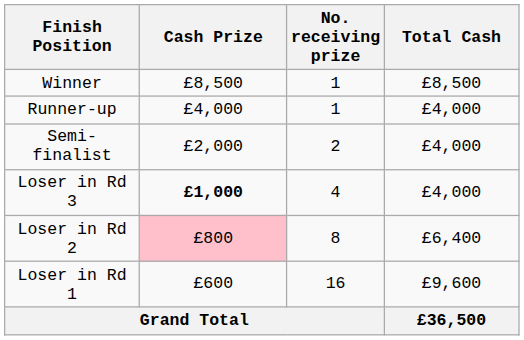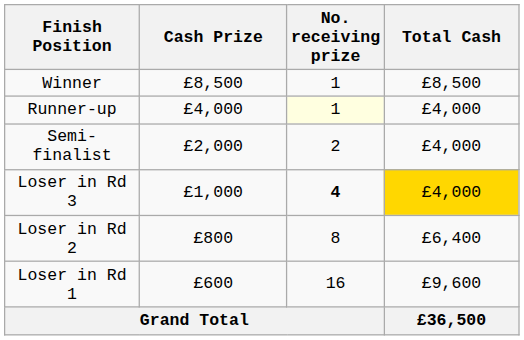 <table class="wikitable" style="text-align:center;">
 <tr>
 <th width=100 abbr="Finish Position">Finish Position</th>
 <th width=110 abbr="Cash Prize">Cash Prize</th>
 <th width=50 abbr="No. receiving prize">No. receiving prize</th>
 <th width=100 abbr="Total Cash">Total Cash</th>
 </tr>
 <tr>
 <td>Winner</td>
 <td>£8,500</td>
 <td>1</td>
 <td>£8,500</td>
 </tr>
 <tr>
 <td>Runner-up</td>
 <td>£4,000</td>
-<td>1</td>
+<td style="background: lightyellow;">1</td>
 <td>£4,000</td>
 </tr>
 <tr>
 <td>Semi-finalist</td>
 <td>£2,000</td>
 <td>2</td>
 <td>£4,000</td>
 </tr>
 <tr>
 <td>Loser in Rd 3</td>
-<td><strong>£1,000</strong></td>
-<td>4</td>
-<td>£4,000</td>
+<td>£1,000</td>
+<td><strong>4</strong></td>
+<td style="background: gold;">£4,000</td>
 </tr>
 <tr>
 <td>Loser in Rd 2</td>
-<td style="background: pink;">£800</td>
+<td>£800</td>
 <td>8</td>
 <td>£6,400</td>
 </tr>
 <tr>
 <td>Loser in Rd 1</td>
 <td>£600</td>
 <td>16</td>
 <td>£9,600</td>
 </tr>
 <tr>
 <th colspan="3">Grand Total</th>
 <th>£36,500</th>
 </tr>
 </table>
